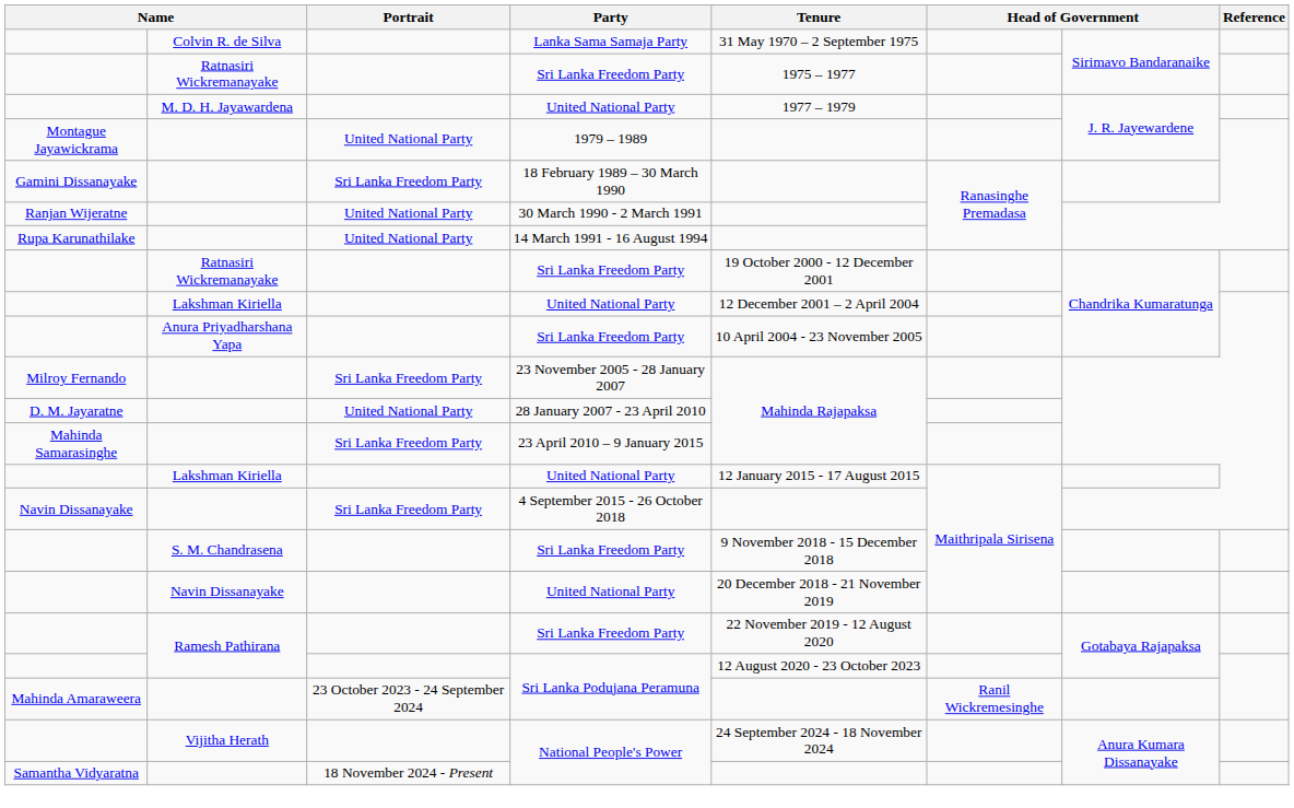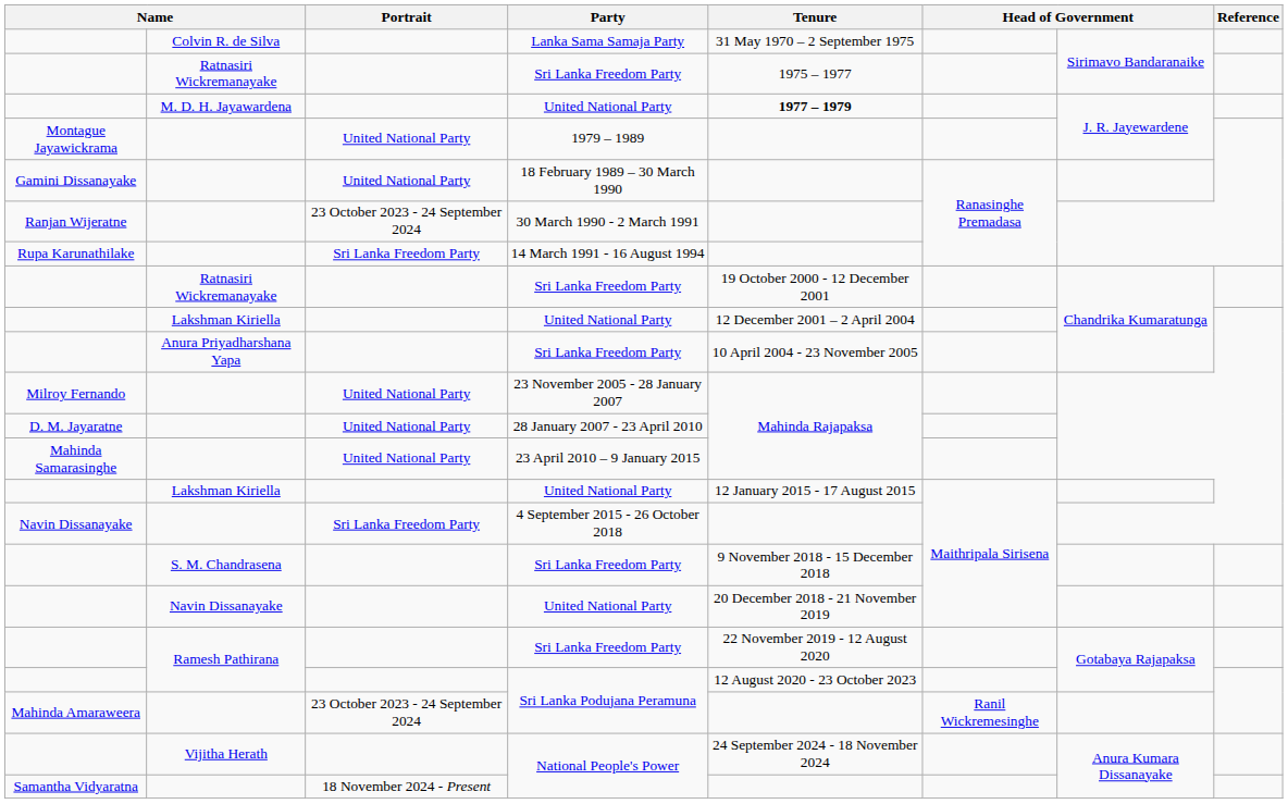 <table class="wikitable" style="margin:1em auto; font-size:90%; text-align:center;">
 <tr>
 <th colspan="2">Name</th>
 <th>Portrait</th>
 <th>Party</th>
 <th>Tenure</th>
 <th colspan="2">Head of Government</th>
 <th>Reference</th>
 </tr>
 <tr>
 <td !align="centre" style="background:"></td>
 <td><a href='#'>Colvin R. de Silva</a></td>
 <td></td>
 <td><a href='#'>Lanka Sama Samaja Party</a></td>
 <td>31 May 1970 – 2 September 1975</td>
 <td !align="centre" style="background:"></td>
 <td rowspan="2"><a href='#'>Sirimavo Bandaranaike</a></td>
 <td></td>
 </tr>
 <tr>
 <td !align="centre" style="background:"></td>
 <td><a href='#'>Ratnasiri Wickremanayake</a></td>
 <td></td>
 <td><a href='#'>Sri Lanka Freedom Party</a></td>
 <td>1975 – 1977</td>
 <td></td>
 </tr>
 <tr>
 <td !align="centre" style="background:"></td>
 <td><a href='#'>M. D. H. Jayawardena</a></td>
 <td></td>
 <td><a href='#'>United National Party</a></td>
-<td>1977 – 1979</td>
+<td><strong>1977 – 1979</strong></td>
 <td !align="centre" style="background:"></td>
 <td rowspan="2"><a href='#'>J. R. Jayewardene</a></td>
 <td></td>
 </tr>
 <tr>
 <td><a href='#'>Montague Jayawickrama</a></td>
 <td></td>
 <td><a href='#'>United National Party</a></td>
 <td>1979 – 1989</td>
 <td></td>
 </tr>
 <tr>
 <td><a href='#'>Gamini Dissanayake</a></td>
 <td></td>
-<td><a href='#'>Sri Lanka Freedom Party</a></td>
+<td><a href='#'>United National Party</a></td>
 <td>18 February 1989 – 30 March 1990</td>
 <td !align="centre" style="background:"></td>
 <td rowspan="3"><a href='#'>Ranasinghe Premadasa</a></td>
 <td></td>
 </tr>
 <tr>
 <td><a href='#'>Ranjan Wijeratne</a></td>
 <td></td>
-<td><a href='#'>United National Party</a></td>
+<td>23 October 2023 - 24 September 2024</td>
 <td>30 March 1990 - 2 March 1991</td>
 <td></td>
 </tr>
 <tr>
 <td><a href='#'>Rupa Karunathilake</a></td>
 <td></td>
-<td><a href='#'>United National Party</a></td>
+<td><a href='#'>Sri Lanka Freedom Party</a></td>
 <td>14 March 1991 - 16 August 1994</td>
 <td></td>
 </tr>
 <tr>
 <td !align="centre" style="background:"></td>
 <td><a href='#'>Ratnasiri Wickremanayake</a></td>
 <td></td>
 <td><a href='#'>Sri Lanka Freedom Party</a></td>
 <td>19 October 2000 - 12 December 2001</td>
 <td !align="centre" style="background:"></td>
 <td rowspan="3"><a href='#'>Chandrika Kumaratunga</a></td>
 <td></td>
 </tr>
 <tr>
 <td !align="centre" style="background:"></td>
 <td><a href='#'>Lakshman Kiriella</a></td>
 <td></td>
 <td><a href='#'>United National Party</a></td>
 <td>12 December 2001 – 2 April 2004</td>
 <td></td>
 </tr>
 <tr>
 <td !align="centre" style="background:"></td>
 <td><a href='#'>Anura Priyadharshana Yapa</a></td>
 <td></td>
 <td><a href='#'>Sri Lanka Freedom Party</a></td>
 <td>10 April 2004 - 23 November 2005</td>
 <td></td>
 </tr>
 <tr>
 <td><a href='#'>Milroy Fernando</a></td>
 <td></td>
-<td><a href='#'>Sri Lanka Freedom Party</a></td>
+<td><a href='#'>United National Party</a></td>
 <td>23 November 2005 - 28 January 2007</td>
 <td rowspan="3"><a href='#'>Mahinda Rajapaksa</a></td>
 <td></td>
 </tr>
 <tr>
 <td><a href='#'>D. M. Jayaratne</a></td>
 <td></td>
 <td><a href='#'>United National Party</a></td>
 <td>28 January 2007 - 23 April 2010</td>
 <td></td>
 </tr>
 <tr>
 <td><a href='#'>Mahinda Samarasinghe</a></td>
 <td></td>
-<td><a href='#'>Sri Lanka Freedom Party</a></td>
+<td><a href='#'>United National Party</a></td>
 <td>23 April 2010 – 9 January 2015</td>
 <td></td>
 </tr>
 <tr>
 <td !align="centre" style="background:"></td>
 <td><a href='#'>Lakshman Kiriella</a></td>
 <td></td>
 <td><a href='#'>United National Party</a></td>
 <td>12 January 2015 - 17 August 2015</td>
 <td rowspan="4"><a href='#'>Maithripala Sirisena</a></td>
 <td></td>
 </tr>
 <tr>
 <td><a href='#'>Navin Dissanayake</a></td>
 <td></td>
 <td><a href='#'>Sri Lanka Freedom Party</a></td>
 <td>4 September 2015 - 26 October 2018</td>
 <td></td>
 </tr>
 <tr>
 <td !align="centre" style="background:"></td>
 <td><a href='#'>S. M. Chandrasena</a></td>
 <td></td>
 <td><a href='#'>Sri Lanka Freedom Party</a></td>
 <td>9 November 2018 - 15 December 2018</td>
 <td !align="centre" style="background:"></td>
 <td></td>
 </tr>
 <tr>
 <td !align="centre" style="background:"></td>
 <td><a href='#'>Navin Dissanayake</a></td>
 <td></td>
 <td><a href='#'>United National Party</a></td>
 <td>20 December 2018 - 21 November 2019</td>
 <td !align="centre" style="background:"></td>
 <td></td>
 </tr>
 <tr>
 <td !align="centre" style="background:"></td>
 <td rowspan="2"><a href='#'>Ramesh Pathirana</a></td>
 <td></td>
 <td><a href='#'>Sri Lanka Freedom Party</a></td>
 <td>22 November 2019 - 12 August 2020</td>
 <td !align="centre" style="background:"></td>
 <td rowspan="2"><a href='#'>Gotabaya Rajapaksa</a></td>
 <td></td>
 </tr>
 <tr>
 <td !align="centre" style="background:"></td>
 <td></td>
 <td rowspan="2"><a href='#'>Sri Lanka Podujana Peramuna</a></td>
 <td>12 August 2020 - 23 October 2023</td>
 <td></td>
 </tr>
 <tr>
 <td><a href='#'>Mahinda Amaraweera</a></td>
 <td></td>
 <td>23 October 2023 - 24 September 2024</td>
 <td !align="centre" style="background:"></td>
 <td><a href='#'>Ranil Wickremesinghe</a></td>
 <td></td>
 </tr>
 <tr>
 <td !align="centre" style="background:"></td>
 <td><a href='#'>Vijitha Herath</a></td>
 <td></td>
 <td rowspan="2"><a href='#'>National People's Power</a></td>
 <td>24 September 2024 - 18 November 2024</td>
 <td !align="centre" style="background:"></td>
 <td rowspan="2"><a href='#'>Anura Kumara Dissanayake</a></td>
 <td></td>
 </tr>
 <tr>
 <td><a href='#'>Samantha Vidyaratna</a></td>
 <td></td>
 <td>18 November 2024 - <em>Present</em></td>
 <td></td>
 </tr>
 </table>
